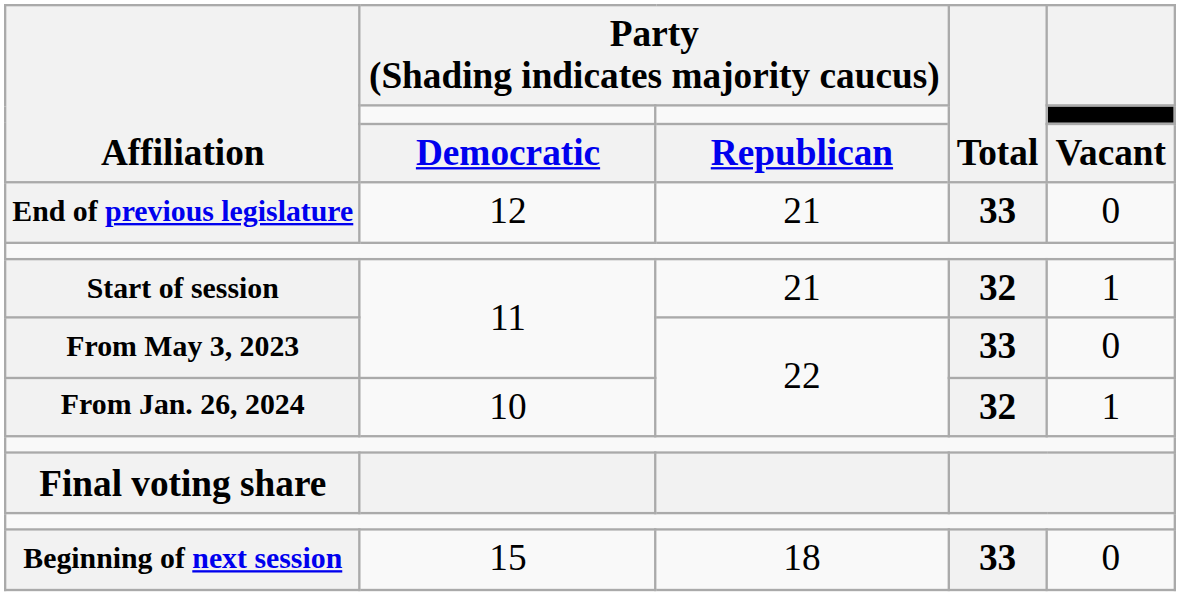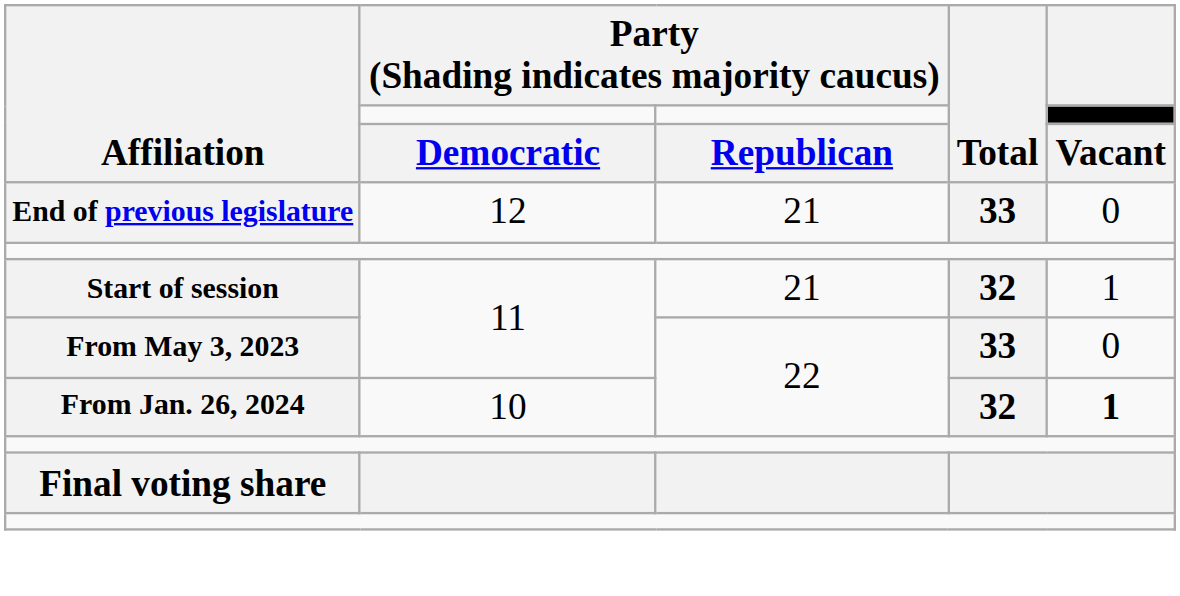 <table class=wikitable style="text-align:center">
 <tr style="vertical-align:bottom;">
 <th rowspan=3>Affiliation</th>
 <th colspan=2>Party <div>(Shading indicates majority caucus)</div></th>
 <th rowspan=3>Total</th>
 <th></th>
 </tr>
 <tr style="height:5px">
 <td style="background-color:"></td>
 <td style="background-color:"></td>
 <td style="background-color:black"></td>
 </tr>
 <tr>
 <th><a href='#'>Democratic</a></th>
 <th><a href='#'>Republican</a></th>
 <th>Vacant</th>
 </tr>
 <tr>
 <th nowrap style="font-size:80%">End of <a href='#'>previous legislature</a></th>
 <td>12</td>
 <td>21</td>
 <th>33</th>
 <td>0</td>
 </tr>
 <tr>
 <td colspan=5></td>
 </tr>
 <tr>
 <th nowrap style="font-size:80%">Start of session</th>
 <td rowspan="2">11</td>
 <td>21</td>
 <th>32</th>
 <td>1</td>
 </tr>
 <tr>
 <th nowrap style="font-size:80%">From May 3, 2023</th>
 <td rowspan="2" >22</td>
 <th>33</th>
 <td>0</td>
 </tr>
 <tr>
 <th nowrap style="font-size:80%">From Jan. 26, 2024</th>
 <td>10</td>
 <th>32</th>
-<td>1</td>
+<td><strong>1</strong></td>
 </tr>
 <tr>
 <td colspan=5></td>
 </tr>
 <tr>
 <th>Final voting share</th>
 <th></th>
 <th></th>
 <th colspan=2></th>
 </tr>
 <tr>
 <td colspan=5></td>
 </tr>
-<tr>
-<th style="white-space:nowrap; font-size:80%;">Beginning of <a href='#'>next session</a></th>
-<td>15</td>
-<td>18</td>
-<th>33</th>
-<td>0</td>
-</tr>
 </table>
